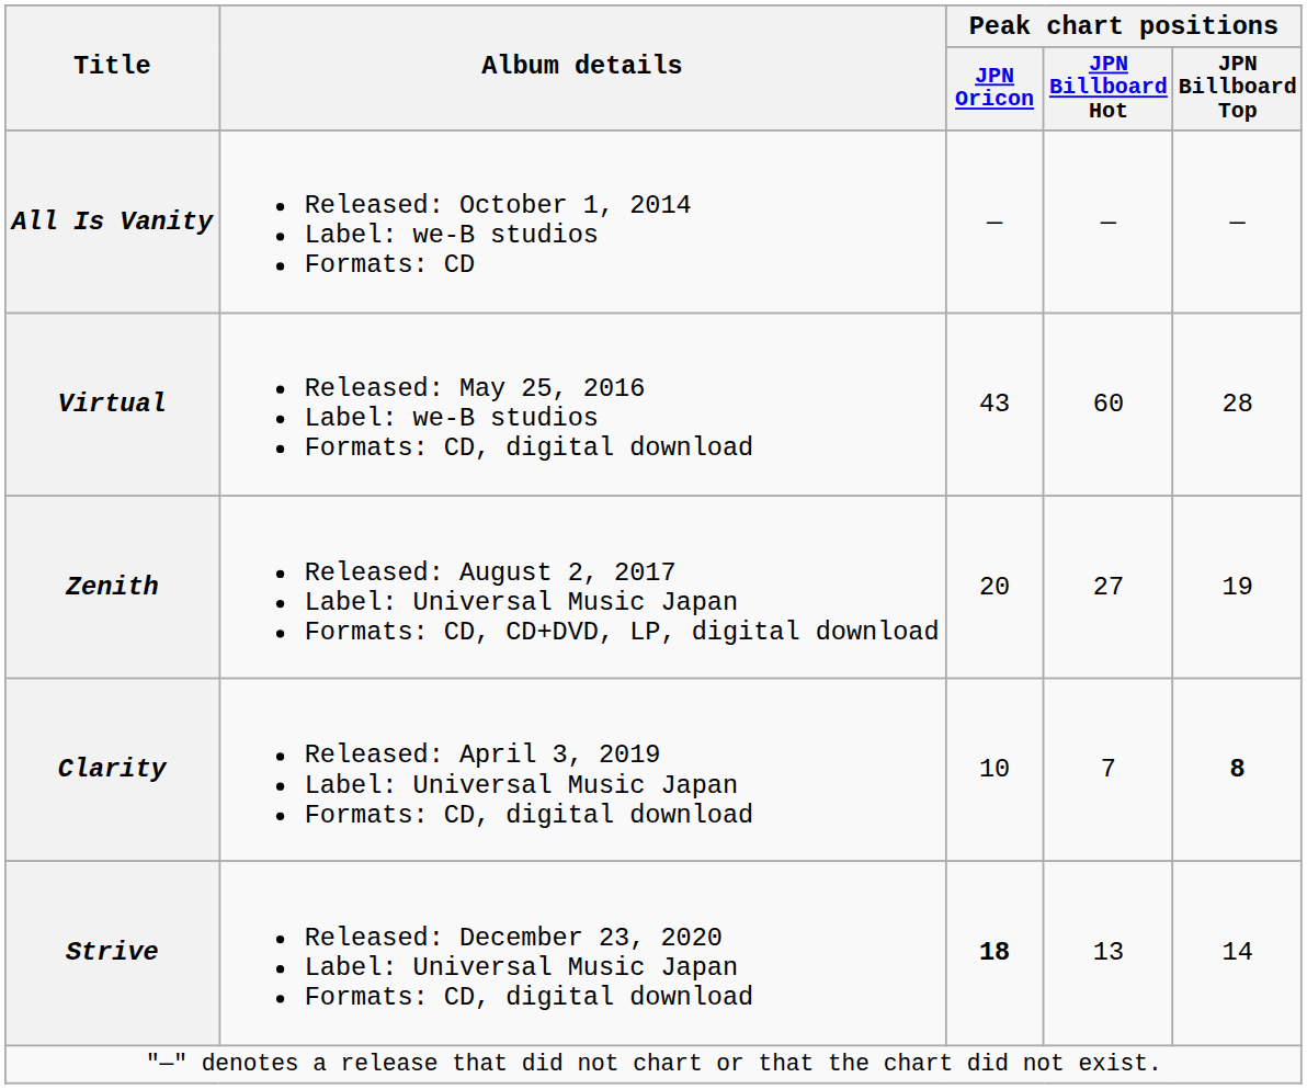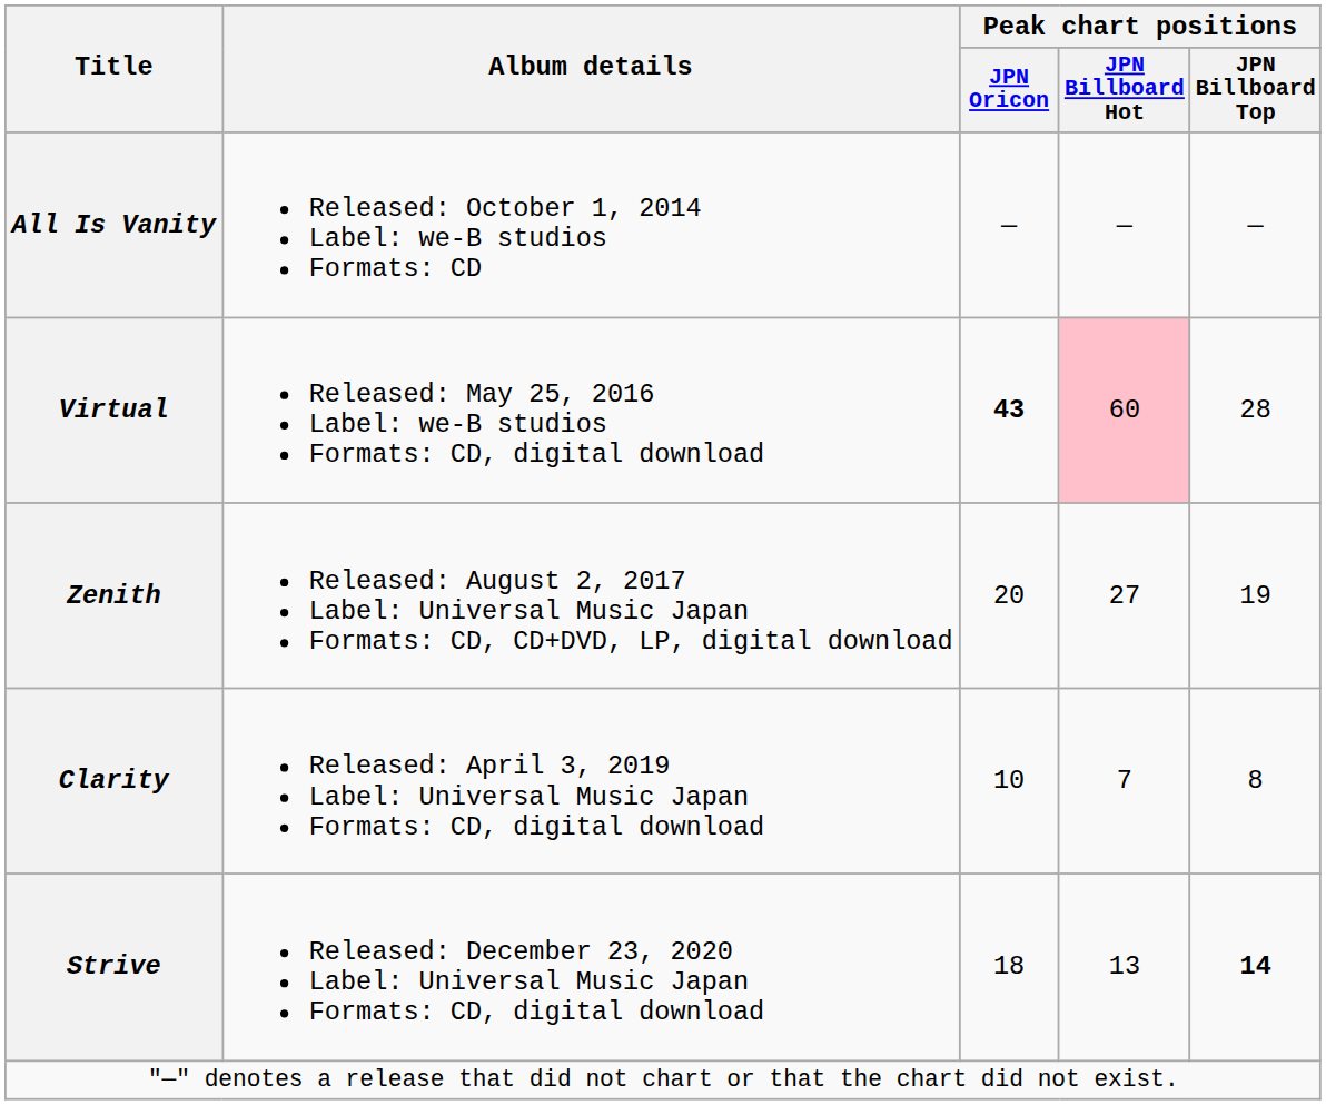 <table class="wikitable plainrowheaders">
 <tr>
 <th scope="col" rowspan="2">Title</th>
 <th scope="col" rowspan="2">Album details</th>
 <th scope="col" colspan="3">Peak chart positions</th>
 </tr>
 <tr>
 <th scope="col" style="width:4em;font-size:85%"><a href='#'>JPN<br>Oricon</a><br></th>
 <th scope="col" style="width:4em;font-size:85%"><a href='#'>JPN<br>Billboard</a><br>Hot<br></th>
 <th scope="col" style="width:4em;font-size:85%">JPN<br>Billboard<br>Top<br></th>
 </tr>
 <tr>
 <th scope="row"><em>All Is Vanity</em></th>
 <td><br><ul><li>Released: October 1, 2014</li><li>Label: we-B studios</li><li>Formats: CD</li></ul></td>
 <td align="center">—</td>
 <td align="center">—</td>
 <td align="center">—</td>
 </tr>
 <tr>
 <th scope="row"><em>Virtual</em></th>
 <td><br><ul><li>Released: May 25, 2016</li><li>Label: we-B studios</li><li>Formats: CD, digital download</li></ul></td>
-<td align="center">43</td>
-<td align="center">60</td>
+<td align="center"><strong>43</strong></td>
+<td align="center" style="background: pink;">60</td>
 <td align="center">28</td>
 </tr>
 <tr>
 <th scope="row"><em>Zenith</em></th>
 <td><br><ul><li>Released: August 2, 2017</li><li>Label: Universal Music Japan</li><li>Formats: CD, CD+DVD, LP, digital download</li></ul></td>
 <td align="center">20</td>
 <td align="center">27</td>
 <td align="center">19</td>
 </tr>
 <tr>
 <th scope="row"><em>Clarity</em></th>
 <td><br><ul><li>Released: April 3, 2019</li><li>Label: Universal Music Japan</li><li>Formats: CD, digital download</li></ul></td>
 <td align="center">10</td>
 <td align="center">7</td>
-<td align="center"><strong>8</strong></td>
+<td align="center">8</td>
 </tr>
 <tr>
 <th scope="row"><em>Strive</em></th>
 <td><br><ul><li>Released: December 23, 2020</li><li>Label: Universal Music Japan</li><li>Formats: CD, digital download</li></ul></td>
-<td align="center"><strong>18</strong></td>
+<td align="center">18</td>
 <td align="center">13</td>
-<td align="center">14</td>
+<td align="center"><strong>14</strong></td>
 </tr>
 <tr>
 <td align="center" colspan="5" style="font-size:90%">"—" denotes a release that did not chart or that the chart did not exist.</td>
 </tr>
 </table>
